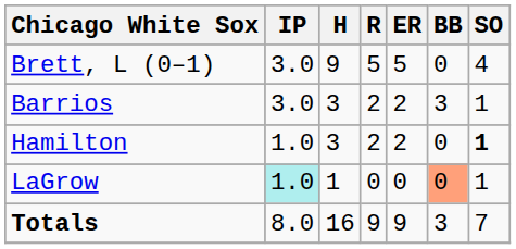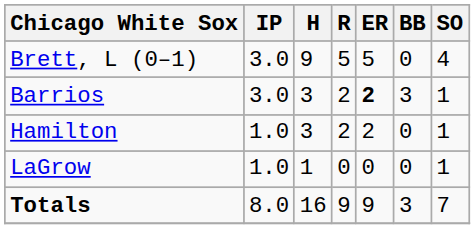 <table class="wikitable sortable">
 <tr>
 <th>Chicago White Sox</th>
 <th>IP</th>
 <th>H</th>
 <th>R</th>
 <th>ER</th>
 <th>BB</th>
 <th>SO</th>
 </tr>
 <tr>
 <td><a href='#'>Brett</a>, L (0–1)</td>
 <td>3.0</td>
 <td>9</td>
 <td>5</td>
 <td>5</td>
 <td>0</td>
 <td>4</td>
 </tr>
 <tr>
 <td><a href='#'>Barrios</a></td>
 <td>3.0</td>
 <td>3</td>
 <td>2</td>
-<td>2</td>
+<td><strong>2</strong></td>
 <td>3</td>
 <td>1</td>
 </tr>
 <tr>
 <td><a href='#'>Hamilton</a></td>
 <td>1.0</td>
 <td>3</td>
 <td>2</td>
 <td>2</td>
 <td>0</td>
-<td><strong>1</strong></td>
+<td>1</td>
 </tr>
 <tr>
 <td><a href='#'>LaGrow</a></td>
-<td style="background: paleturquoise;">1.0</td>
+<td>1.0</td>
 <td>1</td>
 <td>0</td>
 <td>0</td>
-<td style="background: lightsalmon;">0</td>
+<td>0</td>
 <td>1</td>
 </tr>
 <tr>
 <td><strong>Totals</strong></td>
 <td>8.0</td>
 <td>16</td>
 <td>9</td>
 <td>9</td>
 <td>3</td>
 <td>7</td>
 </tr>
 <tr>
 </tr>
 </table>
